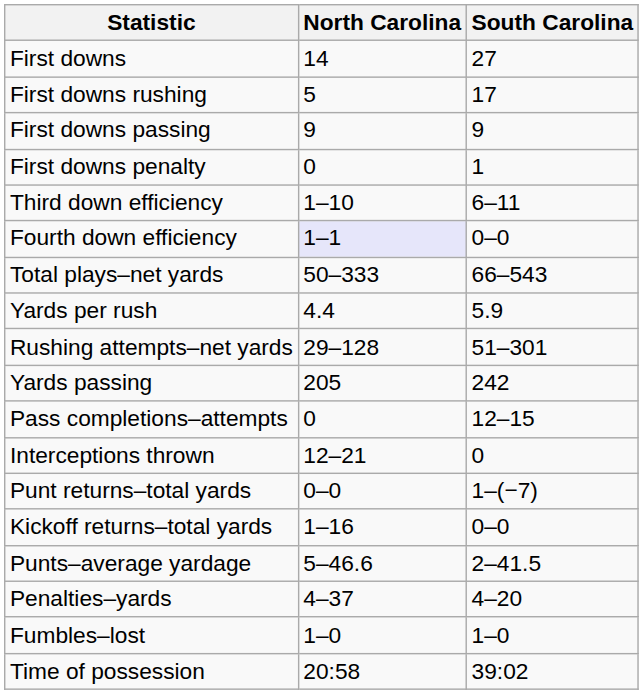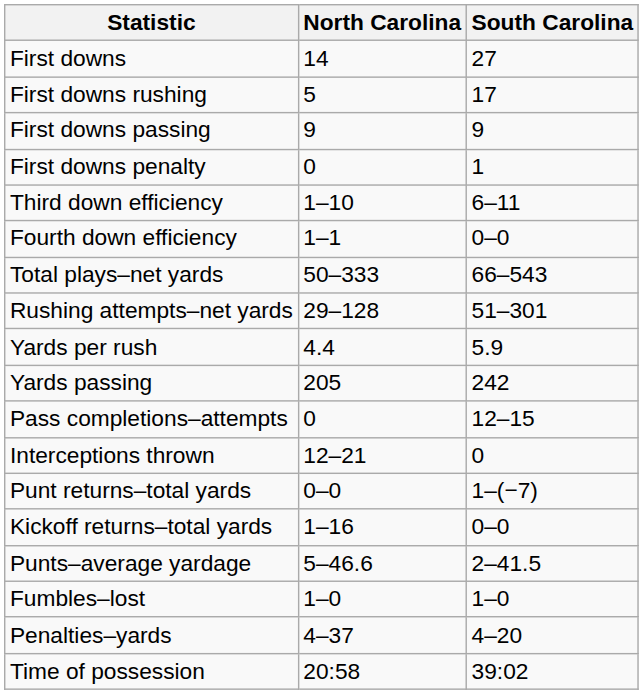 <table class="wikitable">
 <tr>
 <th>Statistic</th>
 <th><strong>North Carolina</strong></th>
 <th><strong>South Carolina</strong></th>
 </tr>
 <tr>
 <td>First downs</td>
 <td>14</td>
 <td>27</td>
 </tr>
 <tr>
 <td>First downs rushing</td>
 <td>5</td>
 <td>17</td>
 </tr>
 <tr>
 <td>First downs passing</td>
 <td>9</td>
 <td>9</td>
 </tr>
 <tr>
 <td>First downs penalty</td>
 <td>0</td>
 <td>1</td>
 </tr>
 <tr>
 <td>Third down efficiency</td>
 <td>1–10</td>
 <td>6–11</td>
 </tr>
 <tr>
 <td>Fourth down efficiency</td>
-<td style="background: lavender;">1–1</td>
+<td>1–1</td>
 <td>0–0</td>
 </tr>
 <tr>
 <td>Total plays–net yards</td>
 <td>50–333</td>
 <td>66–543</td>
 </tr>
 <tr>
+<td>Rushing attempts–net yards</td>
+<td>29–128</td>
+<td>51–301</td>
+</tr>
+<tr>
 <td>Yards per rush</td>
 <td>4.4</td>
 <td>5.9</td>
-</tr>
-<tr>
-<td>Rushing attempts–net yards</td>
-<td>29–128</td>
-<td>51–301</td>
 </tr>
 <tr>
 <td>Yards passing</td>
 <td>205</td>
 <td>242</td>
 </tr>
 <tr>
 <td>Pass completions–attempts</td>
 <td>0</td>
 <td>12–15</td>
 </tr>
 <tr>
 <td>Interceptions thrown</td>
 <td>12–21</td>
 <td>0</td>
 </tr>
 <tr>
 <td>Punt returns–total yards</td>
 <td>0–0</td>
 <td>1–(−7)</td>
 </tr>
 <tr>
 <td>Kickoff returns–total yards</td>
 <td>1–16</td>
 <td>0–0</td>
 </tr>
 <tr>
 <td>Punts–average yardage</td>
 <td>5–46.6</td>
 <td>2–41.5</td>
 </tr>
 <tr>
+<td>Fumbles–lost</td>
+<td>1–0</td>
+<td>1–0</td>
+</tr>
+<tr>
 <td>Penalties–yards</td>
 <td>4–37</td>
 <td>4–20</td>
-</tr>
-<tr>
-<td>Fumbles–lost</td>
-<td>1–0</td>
-<td>1–0</td>
 </tr>
 <tr>
 <td>Time of possession</td>
 <td>20:58</td>
 <td>39:02</td>
 </tr>
 </table>
